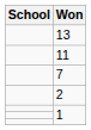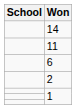 <table class = "wikitable">
 <tr>
 <th>School</th>
 <th>Won</th>
 </tr>
 <tr>
 <td><strong><a href='#'></a></strong></td>
-<td>13</td>
+<td>14</td>
 </tr>
 <tr>
 <td><strong><a href='#'></a></strong></td>
 <td>11</td>
 </tr>
 <tr>
 <td><strong><a href='#'></a></strong></td>
-<td>7</td>
+<td>6</td>
 </tr>
 <tr>
 <td><strong><a href='#'></a></strong></td>
 <td>2</td>
 </tr>
 <tr>
 <td><strong><a href='#'></a></strong></td>
 <td rowspan="3">1</td>
 </tr>
 <tr>
 <td><strong><a href='#'></a></strong></td>
 </tr>
 <tr>
 <td><strong><a href='#'></a></strong></td>
 </tr>
 </table>
